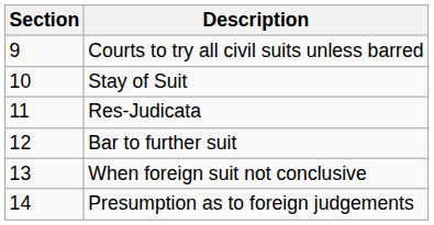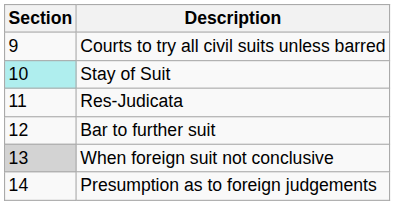 <table class="wikitable">
 <tr>
 <th>Section</th>
 <th>Description</th>
 </tr>
 <tr>
 <td>9</td>
 <td>Courts to try all civil suits unless barred</td>
 </tr>
 <tr>
-<td>10</td>
+<td style="background: paleturquoise;">10</td>
 <td>Stay of Suit</td>
 </tr>
 <tr>
 <td>11</td>
 <td>Res-Judicata</td>
 </tr>
 <tr>
 <td>12</td>
 <td>Bar to further suit</td>
 </tr>
 <tr>
-<td>13</td>
+<td style="background: lightgrey;">13</td>
 <td>When foreign suit not conclusive</td>
 </tr>
 <tr>
 <td>14</td>
 <td>Presumption as to foreign judgements</td>
 </tr>
 </table>
